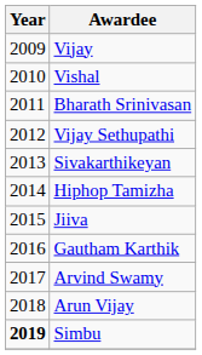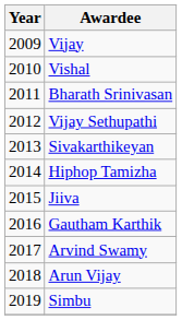 <table class="wikitable">
 <tr>
 <th>Year</th>
 <th>Awardee</th>
 </tr>
 <tr>
 <td>2009</td>
 <td><a href='#'>Vijay</a></td>
 </tr>
 <tr>
 <td>2010</td>
 <td><a href='#'>Vishal</a></td>
 </tr>
 <tr>
 <td>2011</td>
 <td><a href='#'>Bharath Srinivasan</a></td>
 </tr>
 <tr>
 <td>2012</td>
 <td><a href='#'>Vijay Sethupathi</a></td>
 </tr>
 <tr>
 <td>2013</td>
 <td><a href='#'>Sivakarthikeyan</a></td>
 </tr>
 <tr>
 <td>2014</td>
 <td><a href='#'>Hiphop Tamizha</a></td>
 </tr>
 <tr>
 <td>2015</td>
 <td><a href='#'>Jiiva</a></td>
 </tr>
 <tr>
 <td>2016</td>
 <td><a href='#'>Gautham Karthik</a></td>
 </tr>
 <tr>
 <td>2017</td>
 <td><a href='#'>Arvind Swamy</a></td>
 </tr>
 <tr>
 <td>2018</td>
 <td><a href='#'>Arun Vijay</a></td>
 </tr>
 <tr>
-<td><strong>2019</strong></td>
+<td>2019</td>
 <td><a href='#'>Simbu</a></td>
 </tr>
 <tr>
 </tr>
 </table>
